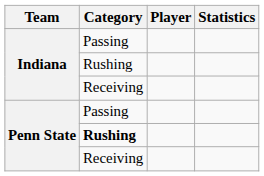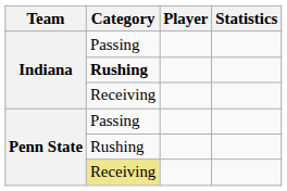 <table class="wikitable" style="float:right">
 <tr>
 <th>Team</th>
 <th>Category</th>
 <th>Player</th>
 <th>Statistics</th>
 </tr>
 <tr>
 <th rowspan=3>Indiana</th>
 <td>Passing</td>
 <td></td>
 <td></td>
 </tr>
 <tr>
-<td>Rushing</td>
+<td><strong>Rushing</strong></td>
 <td></td>
 <td></td>
 </tr>
 <tr>
 <td>Receiving</td>
 <td></td>
 <td></td>
 </tr>
 <tr>
 <th rowspan=3>Penn State</th>
 <td>Passing</td>
 <td></td>
 <td></td>
 </tr>
 <tr>
-<td><strong>Rushing</strong></td>
+<td>Rushing</td>
 <td></td>
 <td></td>
 </tr>
 <tr>
-<td>Receiving</td>
+<td style="background: khaki;">Receiving</td>
 <td></td>
 <td></td>
 </tr>
 </table>
